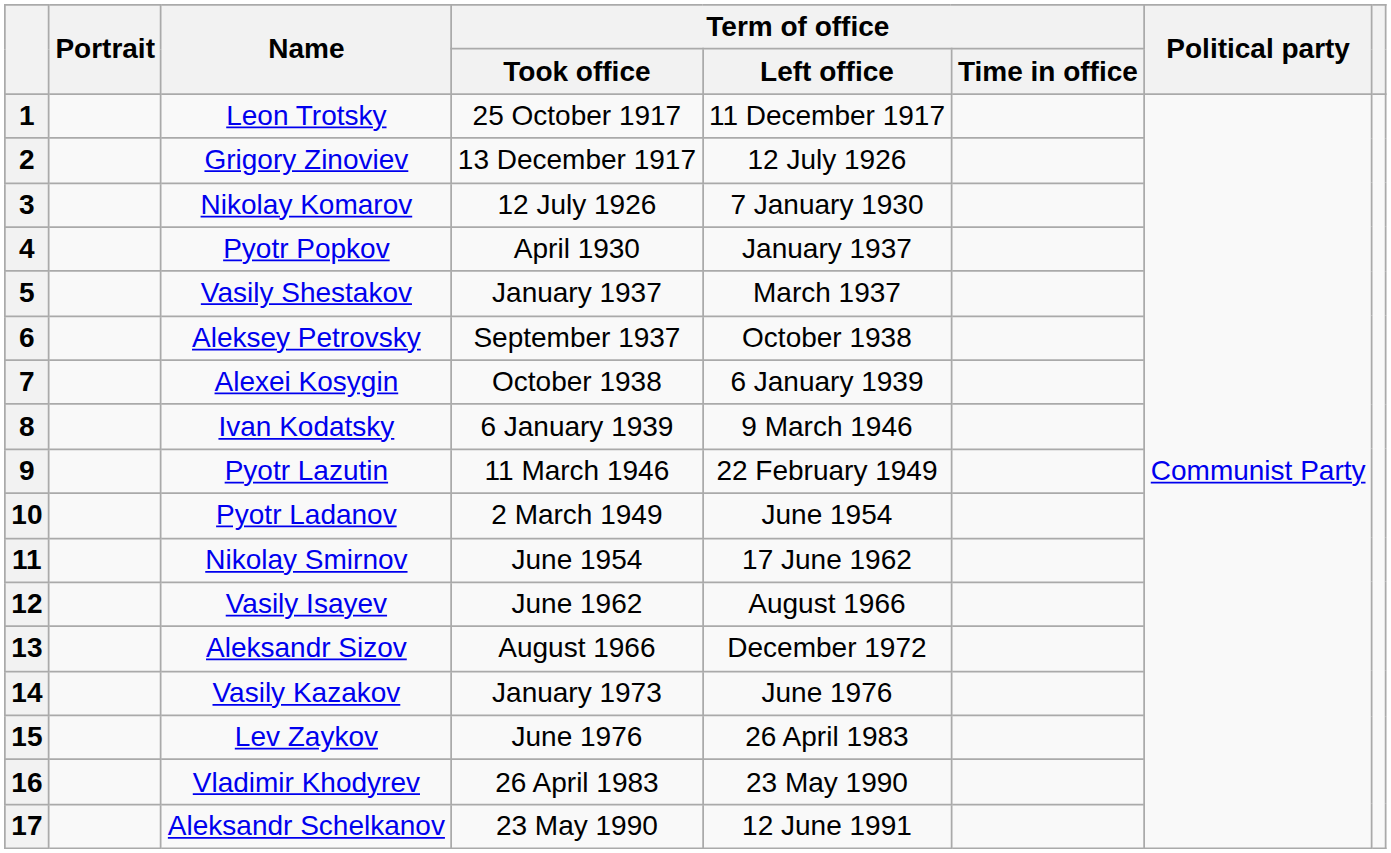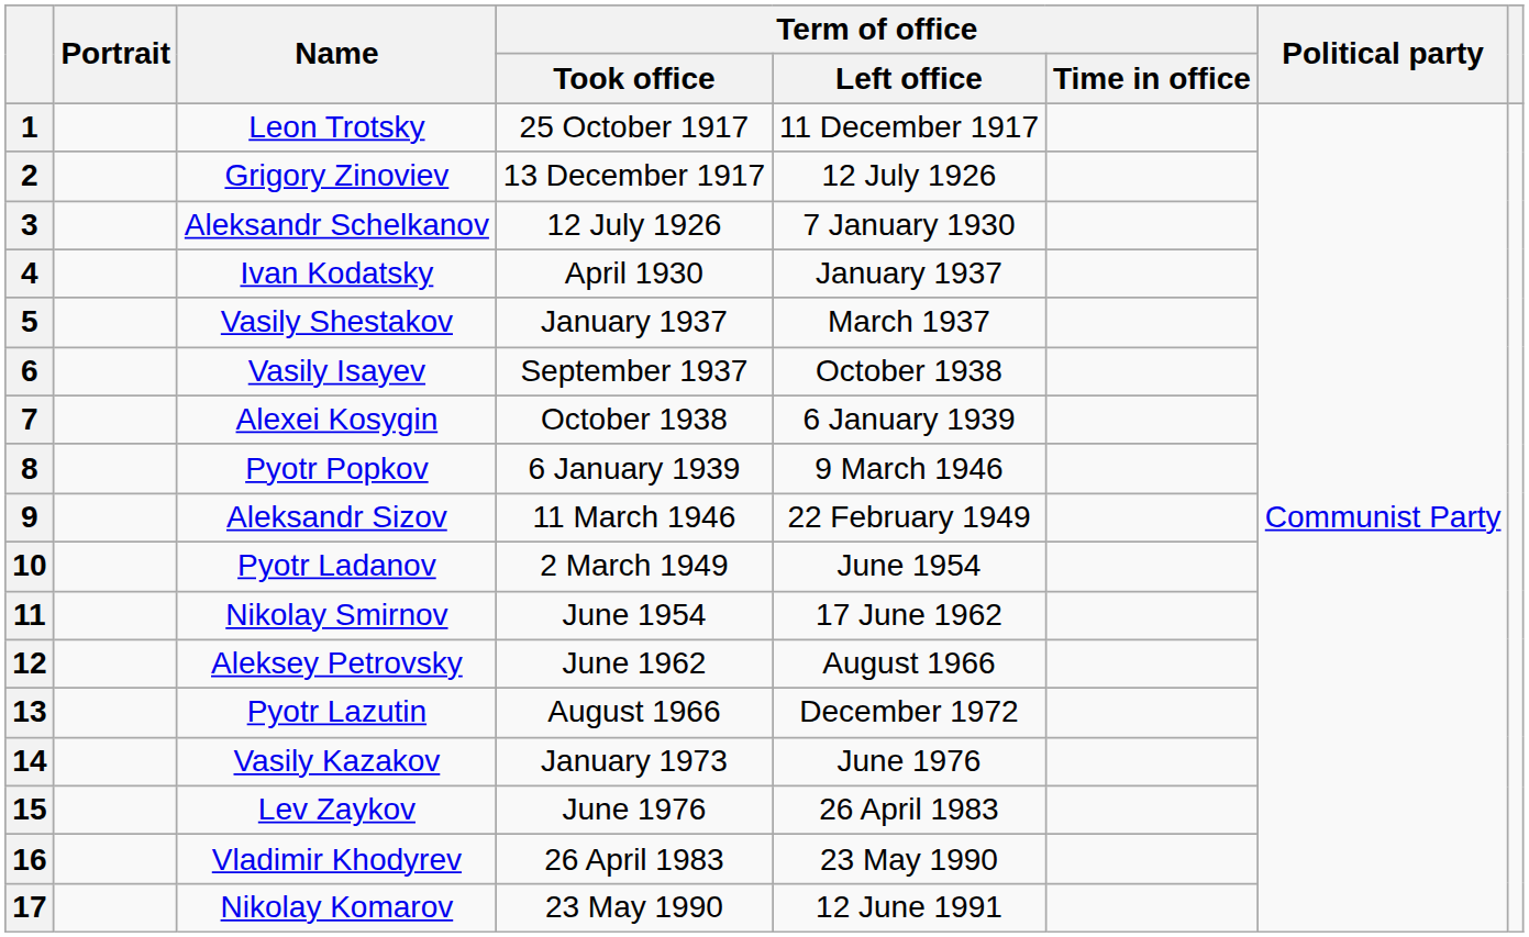 <table class="wikitable" style="text-align:center">
 <tr>
 <th rowspan=2></th>
 <th rowspan=2>Portrait</th>
 <th rowspan=2>Name<br></th>
 <th colspan=3>Term of office</th>
 <th rowspan=2>Political party</th>
 <th rowspan=2></th>
 </tr>
 <tr>
 <th>Took office</th>
 <th>Left office</th>
 <th>Time in office</th>
 </tr>
 <tr>
 <th style="background:">1</th>
 <td></td>
 <td><a href='#'>Leon Trotsky</a><br></td>
 <td>25 October 1917</td>
 <td>11 December 1917</td>
 <td></td>
 <td rowspan="17"><a href='#'>Communist Party</a></td>
 </tr>
 <tr>
 <th style="background:">2</th>
 <td></td>
 <td><a href='#'>Grigory Zinoviev</a><br></td>
 <td>13 December 1917</td>
 <td>12 July 1926</td>
 <td></td>
 </tr>
 <tr>
 <th style="background:">3</th>
 <td></td>
-<td><a href='#'>Nikolay Komarov</a><br></td>
+<td><a href='#'>Aleksandr Schelkanov</a><br></td>
 <td>12 July 1926</td>
 <td>7 January 1930</td>
 <td></td>
 </tr>
 <tr>
 <th style="background:">4</th>
 <td></td>
-<td><a href='#'>Pyotr Popkov</a><br></td>
+<td><a href='#'>Ivan Kodatsky</a><br></td>
 <td>April 1930</td>
 <td>January 1937</td>
 <td></td>
 </tr>
 <tr>
 <th style="background:">5</th>
 <td></td>
 <td><a href='#'>Vasily Shestakov</a><br></td>
 <td>January 1937</td>
 <td>March 1937</td>
 <td></td>
 </tr>
 <tr>
 <th style="background:">6</th>
 <td></td>
-<td><a href='#'>Aleksey Petrovsky</a><br></td>
+<td><a href='#'>Vasily Isayev</a><br></td>
 <td>September 1937</td>
 <td>October 1938</td>
 <td></td>
 </tr>
 <tr>
 <th style="background:">7</th>
 <td></td>
 <td><a href='#'>Alexei Kosygin</a><br></td>
 <td>October 1938</td>
 <td>6 January 1939</td>
 <td></td>
 </tr>
 <tr>
 <th style="background:">8</th>
 <td></td>
-<td><a href='#'>Ivan Kodatsky</a><br></td>
+<td><a href='#'>Pyotr Popkov</a><br></td>
 <td>6 January 1939</td>
 <td>9 March 1946</td>
 <td></td>
 </tr>
 <tr>
 <th style="background:">9</th>
 <td></td>
-<td><a href='#'>Pyotr Lazutin</a><br></td>
+<td><a href='#'>Aleksandr Sizov</a><br></td>
 <td>11 March 1946</td>
 <td>22 February 1949</td>
 <td></td>
 </tr>
 <tr>
 <th style="background:">10</th>
 <td></td>
 <td><a href='#'>Pyotr Ladanov</a><br></td>
 <td>2 March 1949</td>
 <td>June 1954</td>
 <td></td>
 </tr>
 <tr>
 <th style="background:">11</th>
 <td></td>
 <td><a href='#'>Nikolay Smirnov</a><br></td>
 <td>June 1954</td>
 <td>17 June 1962</td>
 <td></td>
 </tr>
 <tr>
 <th style="background:">12</th>
 <td></td>
-<td><a href='#'>Vasily Isayev</a><br></td>
+<td><a href='#'>Aleksey Petrovsky</a><br></td>
 <td>June 1962</td>
 <td>August 1966</td>
 <td></td>
 </tr>
 <tr>
 <th style="background:">13</th>
 <td></td>
-<td><a href='#'>Aleksandr Sizov</a><br></td>
+<td><a href='#'>Pyotr Lazutin</a><br></td>
 <td>August 1966</td>
 <td>December 1972</td>
 <td></td>
 </tr>
 <tr>
 <th style="background:">14</th>
 <td></td>
 <td><a href='#'>Vasily Kazakov</a><br></td>
 <td>January 1973</td>
 <td>June 1976</td>
 <td></td>
 </tr>
 <tr>
 <th style="background:">15</th>
 <td></td>
 <td><a href='#'>Lev Zaykov</a><br></td>
 <td>June 1976</td>
 <td>26 April 1983</td>
 <td></td>
 </tr>
 <tr>
 <th style="background:">16</th>
 <td></td>
 <td><a href='#'>Vladimir Khodyrev</a><br></td>
 <td>26 April 1983</td>
 <td>23 May 1990</td>
 <td></td>
 </tr>
 <tr>
 <th style="background:">17</th>
 <td></td>
-<td><a href='#'>Aleksandr Schelkanov</a><br></td>
+<td><a href='#'>Nikolay Komarov</a><br></td>
 <td>23 May 1990</td>
 <td>12 June 1991</td>
 <td></td>
 </tr>
 </table>
